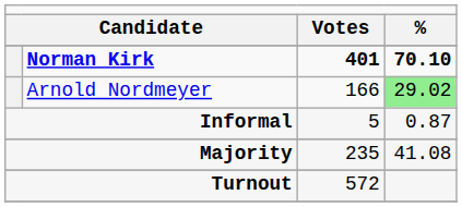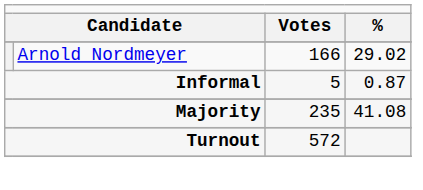 <table class="wikitable" style="font-size: 95%;">
 <tr>
 <td colspan=4></td>
 </tr>
 <tr style="background-color:#E9E9E9">
 <th colspan="2" style="width: 170px">Candidate</th>
 <th style="width: 50px">Votes</th>
 <th style="width: 40px">%</th>
 </tr>
 <tr>
 </tr>
 <tr>
-<th width=5 style="background-color: "></th>
-<td style="width: 170px"><strong><a href='#'>Norman Kirk</a></strong></td>
-<td align="right"><strong>401</strong></td>
-<td align="right"><strong>70.10</strong></td>
-</tr>
-<tr>
 <th style="background-color: "></th>
 <td style="width: 170px"><a href='#'>Arnold Nordmeyer</a></td>
 <td align="right">166</td>
-<td align="right" style="background: lightgreen;">29.02</td>
+<td align="right">29.02</td>
 </tr>
 <tr style="background-color:#F6F6F6">
 <td colspan="2" align="right"><strong>Informal</strong></td>
 <td align="right">5</td>
 <td align="right">0.87</td>
 </tr>
 <tr>
 </tr>
 <tr style="background-color:#F6F6F6">
 <td colspan="2" align="right"><strong>Majority</strong></td>
 <td align="right">235</td>
 <td align="right">41.08</td>
 </tr>
 <tr>
 </tr>
 <tr style="background-color:#F6F6F6">
 <td colspan="2" align="right"><strong>Turnout</strong></td>
 <td align="right">572</td>
 <td></td>
 </tr>
 <tr>
 </tr>
 <tr style="background-color:#F6F6F6">
 </tr>
 </table>
